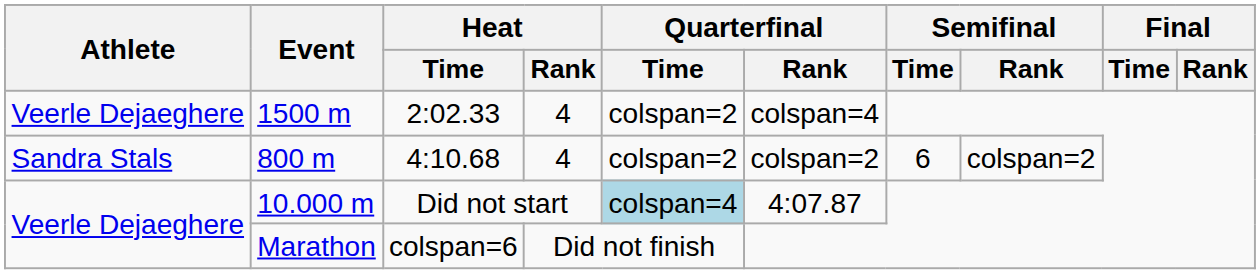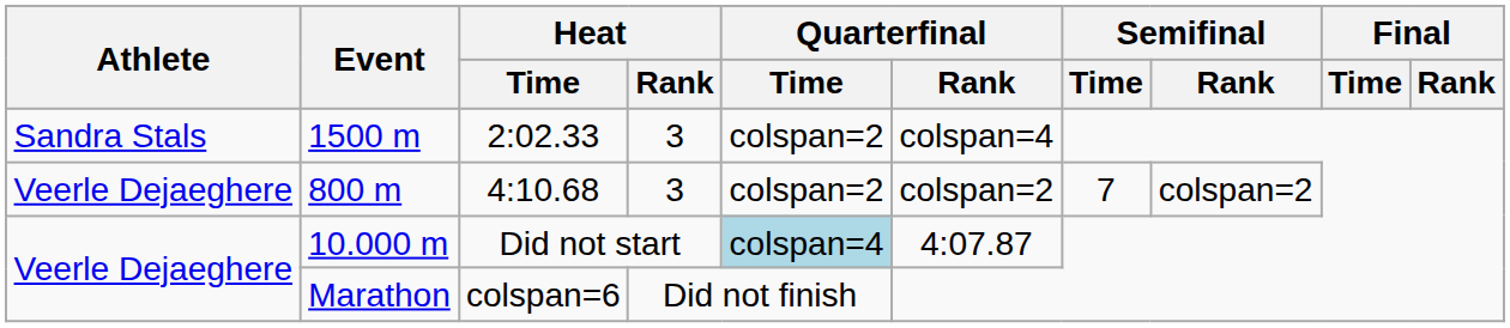 <table class=wikitable style="font-size:90%; text-align:center">
 <tr>
 <th rowspan=2>Athlete</th>
 <th rowspan=2>Event</th>
 <th colspan=2>Heat</th>
 <th colspan=2>Quarterfinal</th>
 <th colspan=2>Semifinal</th>
 <th colspan=2>Final</th>
 </tr>
 <tr style=font-size:95%>
 <th>Time</th>
 <th>Rank</th>
 <th>Time</th>
 <th>Rank</th>
 <th>Time</th>
 <th>Rank</th>
 <th>Time</th>
 <th>Rank</th>
 </tr>
 <tr>
-<td align=left><a href='#'>Veerle Dejaeghere</a></td>
+<td align=left><a href='#'>Sandra Stals</a></td>
 <td align=left><a href='#'>1500 m</a></td>
 <td>2:02.33</td>
-<td>4</td>
+<td>3</td>
 <td>colspan=2 </td>
 <td>colspan=4 </td>
 </tr>
 <tr>
-<td align=left><a href='#'>Sandra Stals</a></td>
+<td align=left><a href='#'>Veerle Dejaeghere</a></td>
 <td align=left><a href='#'>800 m</a></td>
 <td>4:10.68</td>
-<td>4</td>
+<td>3</td>
 <td>colspan=2 </td>
 <td>colspan=2 </td>
-<td>6</td>
+<td>7</td>
 <td>colspan=2 </td>
 </tr>
 <tr>
 <td align=left rowspan=2><a href='#'>Veerle Dejaeghere</a></td>
 <td align=left><a href='#'>10.000 m</a></td>
 <td colspan=2>Did not start</td>
 <td style="background: lightblue;">colspan=4 </td>
 <td>4:07.87</td>
 </tr>
 <tr>
 <td align=left><a href='#'>Marathon</a></td>
 <td>colspan=6 </td>
 <td colspan=2>Did not finish</td>
 </tr>
 </table>
